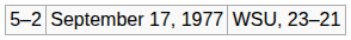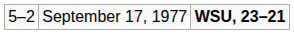 <table class="wikitable">
 <tr align="center">
 </tr>
 <tr align="center">
 <td>5–2</td>
 <td>September 17, 1977</td>
-<td>WSU, 23–21</td>
+<td><strong>WSU, 23–21</strong></td>
 </tr>
 </table>
